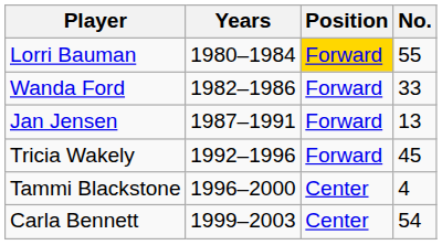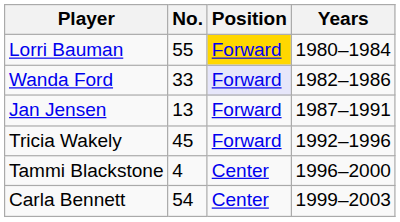 <table class="wikitable sortable sortable">
 <tr>
 <th>Player</th>
+<th>No.</th>
+<th>Position</th>
 <th>Years</th>
-<th>Position</th>
-<th>No.</th>
 </tr>
 <tr>
 <td><a href='#'>Lorri Bauman</a></td>
+<td>55</td>
+<td style="background: gold;"><a href='#'>Forward</a></td>
 <td>1980–1984</td>
-<td style="background: gold;"><a href='#'>Forward</a></td>
-<td>55</td>
 </tr>
 <tr>
 <td><a href='#'>Wanda Ford</a></td>
+<td>33</td>
+<td style="background: lavender;"><a href='#'>Forward</a></td>
 <td>1982–1986</td>
-<td><a href='#'>Forward</a></td>
-<td>33</td>
 </tr>
 <tr>
 <td><a href='#'>Jan Jensen</a></td>
+<td>13</td>
+<td><a href='#'>Forward</a></td>
 <td>1987–1991</td>
-<td><a href='#'>Forward</a></td>
-<td>13</td>
 </tr>
 <tr>
 <td>Tricia Wakely</td>
+<td>45</td>
+<td><a href='#'>Forward</a></td>
 <td>1992–1996</td>
-<td><a href='#'>Forward</a></td>
-<td>45</td>
 </tr>
 <tr>
 <td>Tammi Blackstone</td>
+<td>4</td>
+<td><a href='#'>Center</a></td>
 <td>1996–2000</td>
-<td><a href='#'>Center</a></td>
-<td>4</td>
 </tr>
 <tr>
 <td>Carla Bennett</td>
+<td>54</td>
+<td><a href='#'>Center</a></td>
 <td>1999–2003</td>
-<td><a href='#'>Center</a></td>
-<td>54</td>
 </tr>
 </table>
